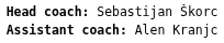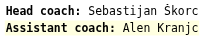 <table>
 <tr>
 <td><strong>Head coach:</strong> Sebastijan Škorc</td>
 </tr>
 <tr>
-<td><strong>Assistant coach:</strong> Alen Kranjc</td>
+<td style="background: lightyellow;"><strong>Assistant coach:</strong> Alen Kranjc</td>
 </tr>
 <tr>
 </tr>
 </table>
